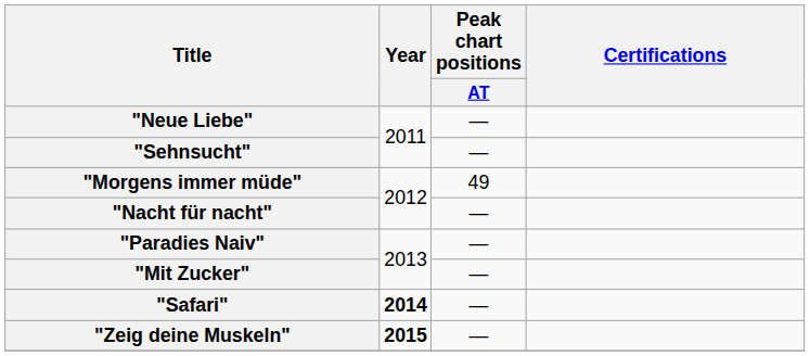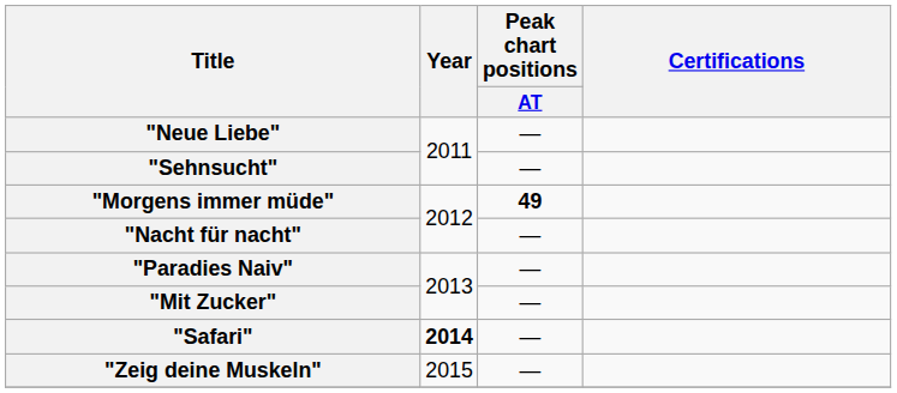 <table class="wikitable plainrowheaders" style="text-align:center;">
 <tr>
 <th scope="col" rowspan="2" style="width:19em;">Title</th>
 <th scope="col" rowspan="2">Year</th>
 <th scope="col">Peak chart positions</th>
 <th scope="col" rowspan="2" style="width:14em;"><a href='#'>Certifications</a></th>
 </tr>
 <tr>
 <th scope="col" style="width:2.2em; font-size:90%;"><a href='#'>AT</a><br></th>
 </tr>
 <tr>
 <th scope="row">"Neue Liebe"</th>
 <td rowspan="2">2011</td>
 <td>—</td>
 <td></td>
 </tr>
 <tr>
 <th scope="row">"Sehnsucht"</th>
 <td>—</td>
 <td></td>
 </tr>
 <tr>
 <th scope="row">"Morgens immer müde"</th>
 <td rowspan="2">2012</td>
-<td>49</td>
+<td><strong>49</strong></td>
 <td></td>
 </tr>
 <tr>
 <th scope="row">"Nacht für nacht"</th>
 <td>—</td>
 <td></td>
 </tr>
 <tr>
 <th scope="row">"Paradies Naiv"</th>
 <td rowspan="2">2013</td>
 <td>—</td>
 <td></td>
 </tr>
 <tr>
 <th scope="row">"Mit Zucker"</th>
 <td>—</td>
 <td></td>
 </tr>
 <tr>
 <th scope="row">"Safari"</th>
 <td><strong>2014</strong></td>
 <td>—</td>
 <td></td>
 </tr>
 <tr>
 <th scope="row">"Zeig deine Muskeln"</th>
-<td><strong>2015</strong></td>
+<td>2015</td>
 <td>—</td>
 <td></td>
 </tr>
 <tr>
 </tr>
 </table>
